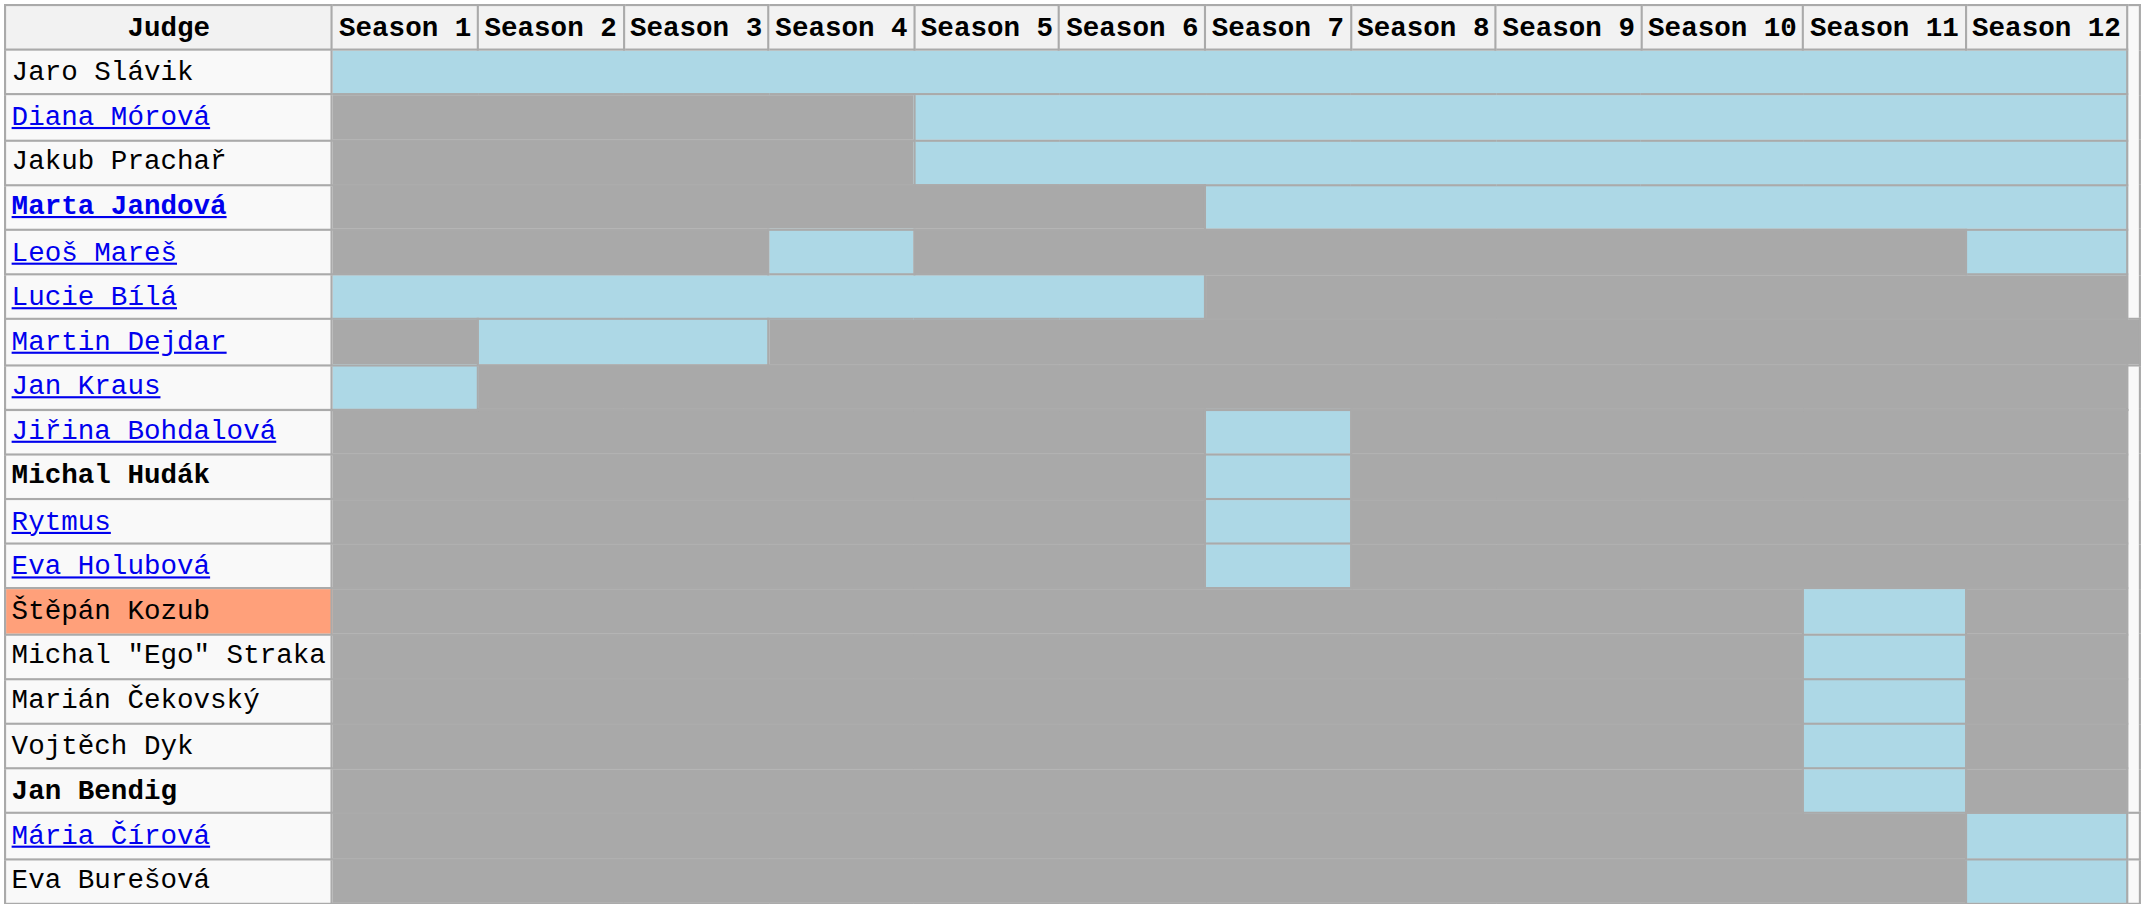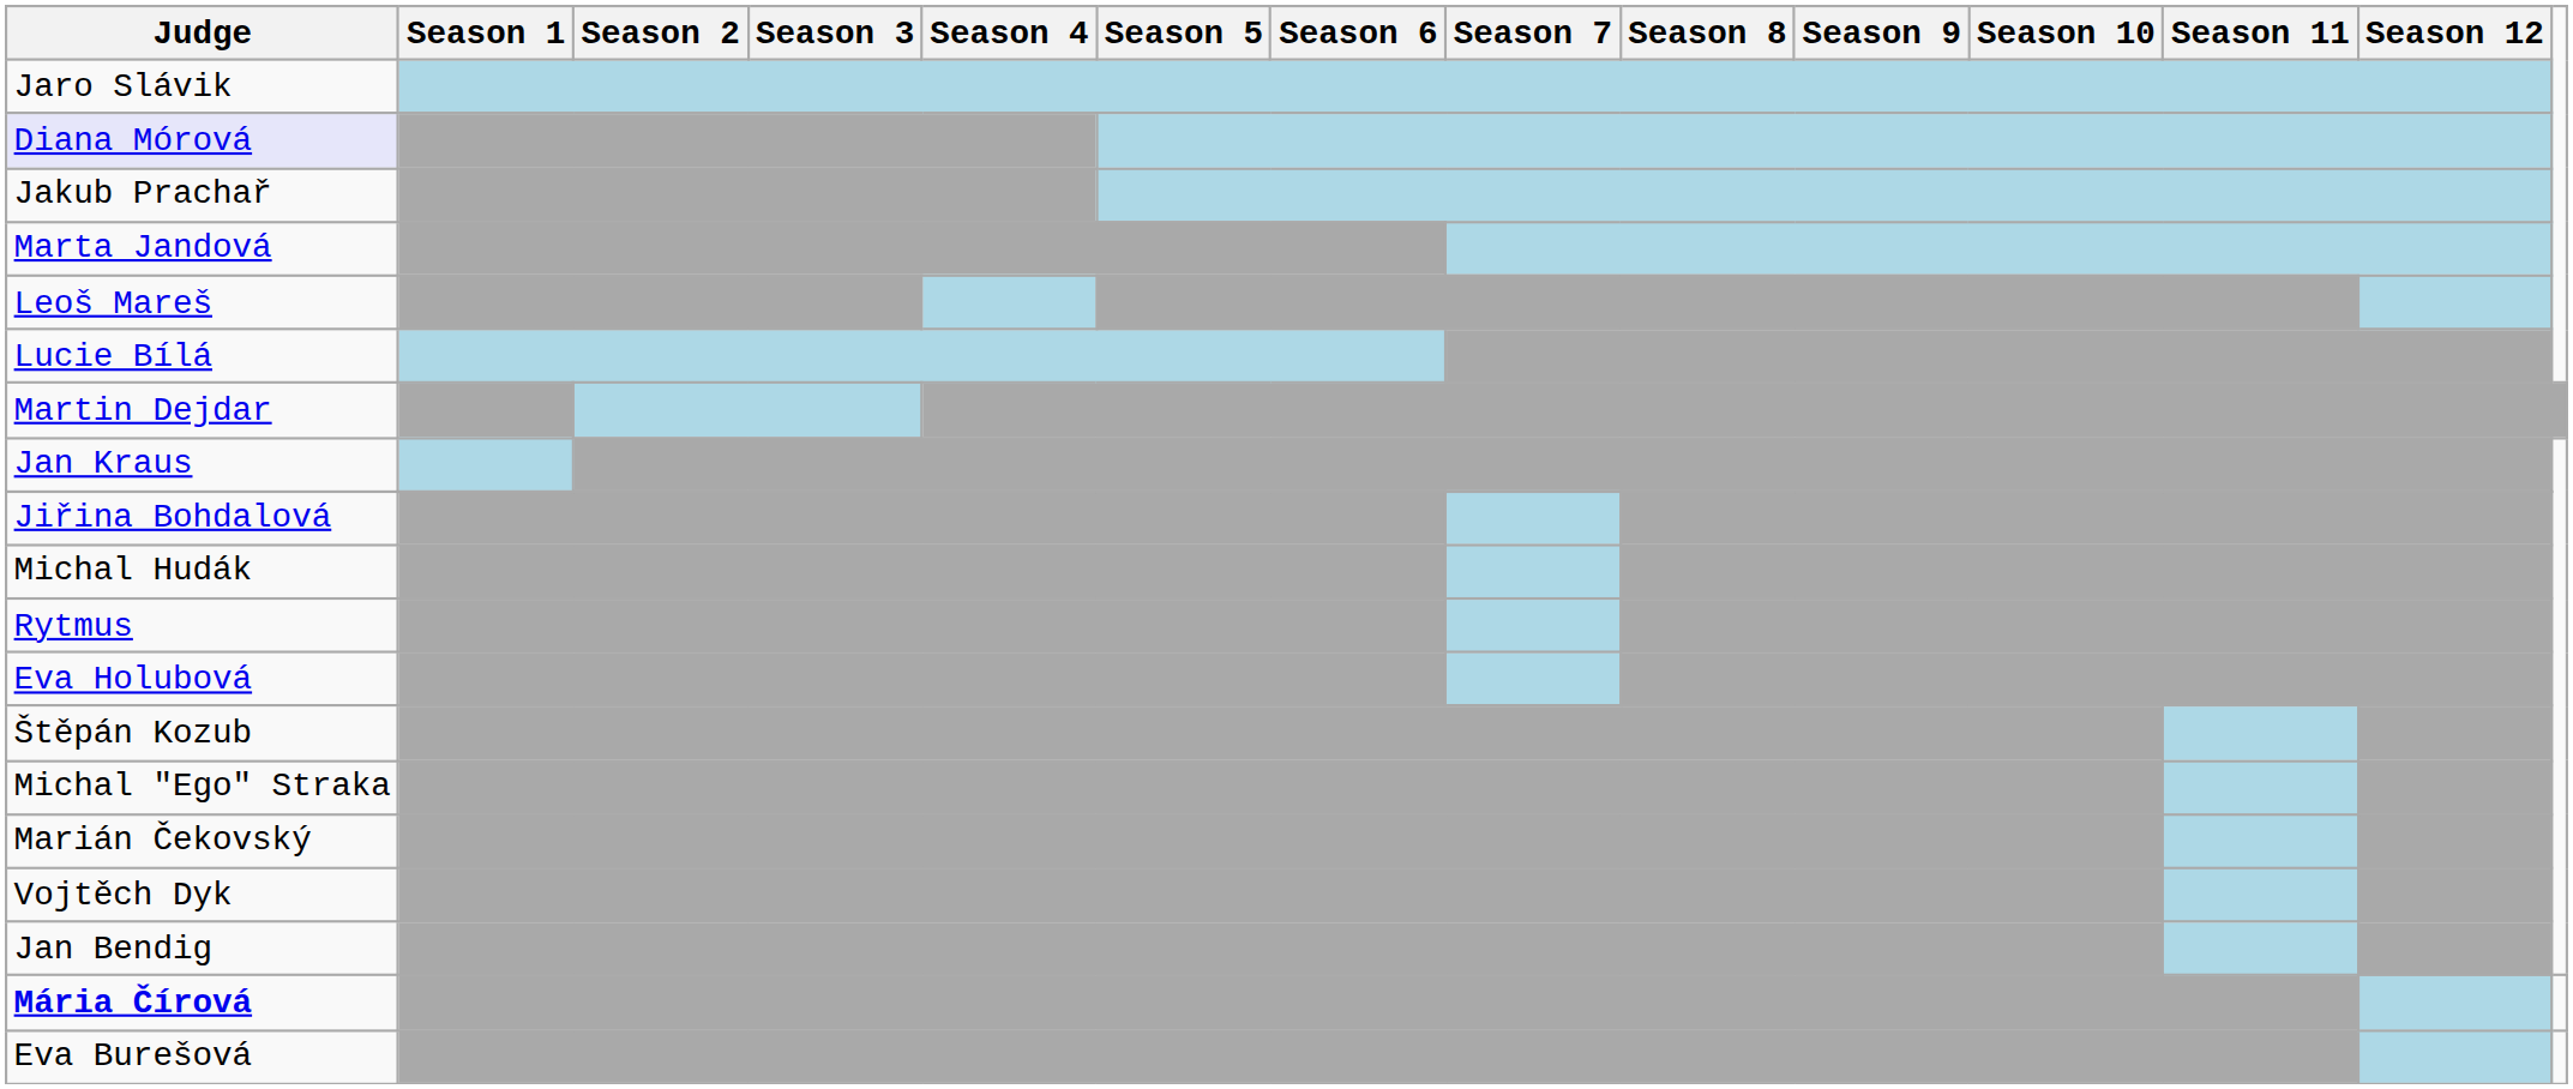 <table class="wikitable">
 <tr>
 <th>Judge</th>
 <th>Season 1</th>
 <th>Season 2</th>
 <th>Season 3</th>
 <th>Season 4</th>
 <th>Season 5</th>
 <th>Season 6</th>
 <th>Season 7</th>
 <th>Season 8</th>
 <th>Season 9</th>
 <th>Season 10</th>
 <th>Season 11</th>
 <th>Season 12</th>
 </tr>
 <tr>
 <td>Jaro Slávik</td>
 <td colspan=12  style="text-align:center; background:lightblue;"></td>
 </tr>
 <tr>
-<td><a href='#'>Diana Mórová</a></td>
+<td style="background: lavender;"><a href='#'>Diana Mórová</a></td>
 <td bgcolor="darkgray" colspan="4"></td>
 <td colspan=8  style="text-align:center; background:lightblue;"></td>
 </tr>
 <tr>
 <td>Jakub Prachař</td>
 <td bgcolor="darkgray" colspan="4"></td>
 <td colspan=8  style="text-align:center; background:lightblue;"></td>
 </tr>
 <tr>
-<td><strong><a href='#'>Marta Jandová</a></strong></td>
+<td><a href='#'>Marta Jandová</a></td>
 <td colspan=6  bgcolor="darkgray"></td>
 <td colspan=6 style="text-align:center; background:lightblue;"></td>
 </tr>
 <tr>
 <td><a href='#'>Leoš Mareš</a></td>
 <td bgcolor="darkgray" colspan="3"></td>
 <td colspan=1  style="text-align:center; background:lightblue;"></td>
 <td bgcolor="darkgray" colspan="7"></td>
 <td colspan=1  style="text-align:center; background:lightblue;"></td>
 </tr>
 <tr>
 <td><a href='#'>Lucie Bílá</a></td>
 <td colspan=6  style="text-align:center; background:lightblue;"></td>
 <td bgcolor="darkgray" colspan="6"></td>
 </tr>
 <tr>
 <td><a href='#'>Martin Dejdar</a></td>
 <td bgcolor="darkgray" colspan="1"></td>
 <td colspan=2  style="text-align:center; background:lightblue;"></td>
 <td bgcolor="darkgray" colspan="10"></td>
 </tr>
 <tr>
 <td><a href='#'>Jan Kraus</a></td>
 <td colspan=1  style="text-align:center; background:lightblue;"></td>
 <td bgcolor="darkgray" colspan="11"></td>
 </tr>
 <tr>
 </tr>
 <tr>
 <td><a href='#'>Jiřina Bohdalová</a></td>
 <td bgcolor="darkgray" colspan="6"></td>
 <td colspan=1  style="text-align:center; background:lightblue;"></td>
 <td bgcolor="darkgray" colspan="5"></td>
 </tr>
 <tr>
-<td><strong>Michal Hudák</strong></td>
+<td>Michal Hudák</td>
 <td bgcolor="darkgray" colspan="6"></td>
 <td colspan=1  style="text-align:center; background:lightblue;"></td>
 <td bgcolor="darkgray" colspan="5"></td>
 </tr>
 <tr>
 <td><a href='#'>Rytmus</a></td>
 <td bgcolor="darkgray" colspan="6"></td>
 <td colspan=1  style="text-align:center; background:lightblue;"></td>
 <td bgcolor="darkgray" colspan="5"></td>
 </tr>
 <tr>
 <td><a href='#'>Eva Holubová</a></td>
 <td bgcolor="darkgray" colspan="6"></td>
 <td colspan=1  style="text-align:center; background:lightblue;"></td>
 <td bgcolor="darkgray" colspan="5"></td>
 </tr>
 <tr>
-<td style="background: lightsalmon;">Štěpán Kozub</td>
+<td>Štěpán Kozub</td>
 <td bgcolor="darkgray" colspan="10"></td>
 <td colspan=1  style="text-align:center; background:lightblue;"></td>
 <td bgcolor="darkgray" colspan="1"></td>
 </tr>
 <tr>
 <td>Michal "Ego" Straka</td>
 <td bgcolor="darkgray" colspan="10"></td>
 <td colspan=1  style="text-align:center; background:lightblue;"></td>
 <td bgcolor="darkgray" colspan="1"></td>
 </tr>
 <tr>
 <td>Marián Čekovský</td>
 <td bgcolor="darkgray" colspan="10"></td>
 <td colspan=1  style="text-align:center; background:lightblue;"></td>
 <td bgcolor="darkgray" colspan="1"></td>
 </tr>
 <tr>
 <td>Vojtěch Dyk</td>
 <td bgcolor="darkgray" colspan="10"></td>
 <td colspan=1  style="text-align:center; background:lightblue;"></td>
 <td bgcolor="darkgray" colspan="1"></td>
 </tr>
 <tr>
-<td><strong>Jan Bendig</strong></td>
+<td>Jan Bendig</td>
 <td bgcolor="darkgray" colspan="10"></td>
 <td colspan=1  style="text-align:center; background:lightblue;"></td>
 <td bgcolor="darkgray" colspan="1"></td>
 </tr>
 <tr>
-<td><a href='#'>Mária Čírová</a></td>
+<td><strong><a href='#'>Mária Čírová</a></strong></td>
 <td bgcolor="darkgray" colspan="11"></td>
 <td colspan=1  style="text-align:center; background:lightblue;"></td>
 <td></td>
 </tr>
 <tr>
 <td>Eva Burešová</td>
 <td bgcolor="darkgray" colspan="11"></td>
 <td colspan=1  style="text-align:center; background:lightblue;"></td>
 <td></td>
 </tr>
 <tr>
 </tr>
 </table>
